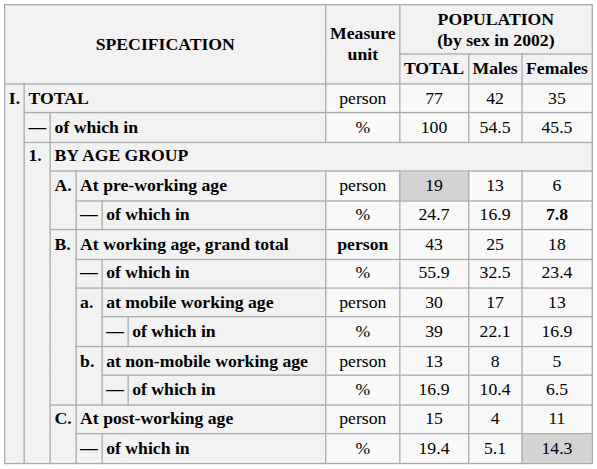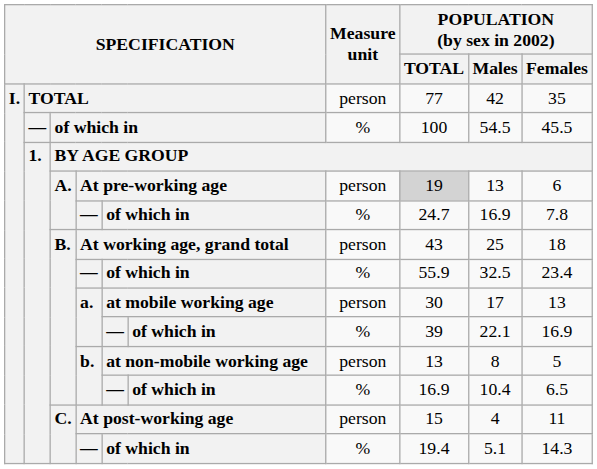 <table class="wikitable" style="font-size:85%; text-align:center">
 <tr>
 <th rowspan="2" colspan="6">SPECIFICATION</th>
 <th rowspan="2">Measure<br> unit</th>
 <th colspan="3" rowspan="1">POPULATION<br> (by sex in 2002)</th>
 </tr>
 <tr>
 <th>TOTAL</th>
 <th>Males</th>
 <th>Females</th>
 </tr>
 <tr>
 <th style="text-align:left" valign="top" rowspan="13">I.</th>
 <th style="text-align:left" colspan="5">TOTAL</th>
 <td>person</td>
 <td>77</td>
 <td>42</td>
 <td>35</td>
 </tr>
 <tr>
 <th style="text-align:left" valign="top">—</th>
 <th style="text-align:left" colspan="4">of which in</th>
 <td>%</td>
 <td>100</td>
 <td>54.5</td>
 <td>45.5</td>
 </tr>
 <tr>
 <th style="text-align:left" valign="top" rowspan="11">1.</th>
 <th style="text-align:left" colspan="19">BY AGE GROUP</th>
 </tr>
 <tr>
 <th style="text-align:left" valign="top" rowspan="2">A.</th>
 <th style="text-align:left" colspan="3">At pre-working age</th>
 <td>person</td>
 <td style="background: lightgrey;">19</td>
 <td>13</td>
 <td>6</td>
 </tr>
 <tr>
 <th style="text-align:left" valign="top">—</th>
 <th style="text-align:left" valign="top" colspan="2">of which in</th>
 <td>%</td>
 <td>24.7</td>
 <td>16.9</td>
-<td><strong>7.8</strong></td>
+<td>7.8</td>
 </tr>
 <tr>
 <th style="text-align:left" valign="top" rowspan="6">B.</th>
 <th style="text-align:left" colspan="3">At working age, grand total</th>
-<td><strong>person</strong></td>
+<td>person</td>
 <td>43</td>
 <td>25</td>
 <td>18</td>
 </tr>
 <tr>
 <th style="text-align:left" valign="top">—</th>
 <th style="text-align:left" valign="top" colspan="2">of which in</th>
 <td>%</td>
 <td>55.9</td>
 <td>32.5</td>
 <td>23.4</td>
 </tr>
 <tr>
 <th style="text-align:left" valign="top" rowspan="2">a.</th>
 <th style="text-align:left" colspan="2">at mobile working age</th>
 <td>person</td>
 <td>30</td>
 <td>17</td>
 <td>13</td>
 </tr>
 <tr>
 <th style="text-align:left" valign="top">—</th>
 <th style="text-align:left" valign="top" colspan="1">of which in                        </th>
 <td>%</td>
 <td>39</td>
 <td>22.1</td>
 <td>16.9</td>
 </tr>
 <tr>
 <th style="text-align:left" valign="top" rowspan="2">b.</th>
 <th style="text-align:left" colspan="2">at non-mobile working age</th>
 <td>person</td>
 <td>13</td>
 <td>8</td>
 <td>5</td>
 </tr>
 <tr>
 <th style="text-align:left" valign="top">—</th>
 <th style="text-align:left" valign="top" colspan="1">of which in                        </th>
 <td>%</td>
 <td>16.9</td>
 <td>10.4</td>
 <td>6.5</td>
 </tr>
 <tr>
 <th style="text-align:left" valign="top" rowspan="2">C.</th>
 <th style="text-align:left" colspan="3">At post-working age</th>
 <td>person</td>
 <td>15</td>
 <td>4</td>
 <td>11</td>
 </tr>
 <tr>
 <th style="text-align:left" valign="top">—</th>
 <th style="text-align:left" valign="top" colspan="2">of which in</th>
 <td>%</td>
 <td>19.4</td>
 <td>5.1</td>
-<td style="background: lightgrey;">14.3</td>
+<td>14.3</td>
 </tr>
 </table>
